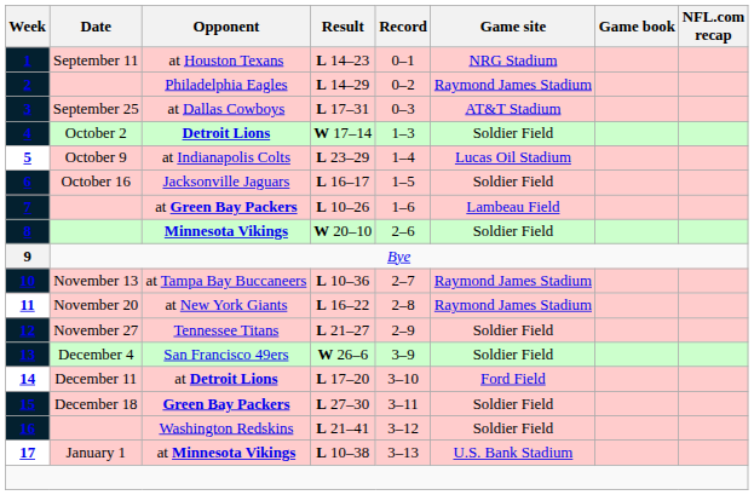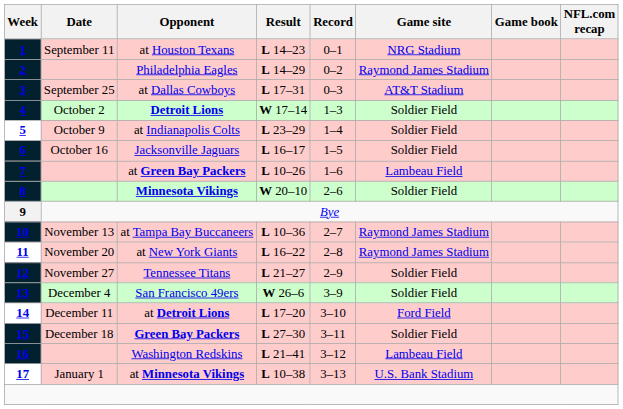 <table class="wikitable" style="text-align:center">
 <tr>
 <th>Week</th>
 <th>Date</th>
 <th>Opponent</th>
 <th>Result</th>
 <th>Record</th>
 <th>Game site</th>
 <th>Game book</th>
 <th>NFL.com<br>recap</th>
 </tr>
 <tr style="background:#fcc">
 <th style="background:#03202F; color:white;"><a href='#'><span>1</span></a></th>
 <td>September 11</td>
 <td>at <a href='#'>Houston Texans</a></td>
 <td><strong>L</strong> 14–23</td>
 <td>0–1</td>
 <td><a href='#'>NRG Stadium</a></td>
 <td> </td>
 <td></td>
 </tr>
 <tr style="background:#fcc">
 <th style="background:#03202F; color:white;"><a href='#'><span>2</span></a></th>
 <td></td>
 <td><a href='#'>Philadelphia Eagles</a></td>
 <td><strong>L</strong> 14–29</td>
 <td>0–2</td>
 <td><a href='#'>Raymond James Stadium</a></td>
 <td> </td>
 <td></td>
 </tr>
 <tr style="background:#fcc">
 <th style="background:#03202F; color:white;"><a href='#'><span>3</span></a></th>
 <td>September 25</td>
 <td>at <a href='#'>Dallas Cowboys</a></td>
 <td><strong>L</strong> 17–31</td>
 <td>0–3</td>
 <td><a href='#'>AT&T Stadium</a></td>
 <td> </td>
 <td></td>
 </tr>
 <tr style="background:#cfc">
 <th style="background:#03202F; color:#df6108;"><a href='#'><span>4</span></a></th>
 <td>October 2</td>
 <td><strong><a href='#'>Detroit Lions</a></strong></td>
 <td><strong>W</strong> 17–14</td>
 <td>1–3</td>
 <td>Soldier Field</td>
 <td> </td>
 <td></td>
 </tr>
 <tr style="background:#fcc">
 <th style="background:white; color:#03202F;"><a href='#'><span>5</span></a></th>
 <td>October 9</td>
 <td>at <a href='#'>Indianapolis Colts</a></td>
 <td><strong>L</strong> 23–29</td>
 <td>1–4</td>
-<td><a href='#'>Lucas Oil Stadium</a></td>
+<td>Soldier Field</td>
 <td></td>
 <td></td>
 </tr>
 <tr style="background:#fcc">
 <th style="background:#03202F; color:white;"><a href='#'><span>6</span></a></th>
 <td>October 16</td>
 <td><a href='#'>Jacksonville Jaguars</a></td>
 <td><strong>L</strong> 16–17</td>
 <td>1–5</td>
 <td>Soldier Field</td>
 <td></td>
 <td></td>
 </tr>
 <tr style="background:#fcc">
 <th style="background:#03202F; color:white;"><a href='#'><span>7</span></a></th>
 <td></td>
 <td>at <strong><a href='#'>Green Bay Packers</a></strong></td>
 <td><strong>L</strong> 10–26</td>
 <td>1–6</td>
 <td><a href='#'>Lambeau Field</a></td>
 <td> </td>
 <td></td>
 </tr>
 <tr style="background:#cfc">
 <th style="background:#03202F; color:#df6108;"><a href='#'><span>8</span></a></th>
 <td></td>
 <td><strong><a href='#'>Minnesota Vikings</a></strong></td>
 <td><strong>W</strong> 20–10</td>
 <td>2–6</td>
 <td>Soldier Field</td>
 <td></td>
 <td></td>
 </tr>
 <tr>
 <th>9</th>
 <td colspan=7><em><a href='#'>Bye</a></em></td>
 </tr>
 <tr style="background:#fcc">
 <th style="background:#03202F; color:white;"><a href='#'><span>10</span></a></th>
 <td>November 13</td>
 <td>at <a href='#'>Tampa Bay Buccaneers</a></td>
 <td><strong>L</strong> 10–36</td>
 <td>2–7</td>
 <td><a href='#'>Raymond James Stadium</a></td>
 <td></td>
 <td></td>
 </tr>
 <tr style="background:#fcc">
 <th style="background:white; color:#03202F;"><a href='#'><span>11</span></a></th>
 <td>November 20</td>
 <td>at <a href='#'>New York Giants</a></td>
 <td><strong>L</strong> 16–22</td>
 <td>2–8</td>
 <td><a href='#'>Raymond James Stadium</a></td>
 <td> </td>
 <td></td>
 </tr>
 <tr style="background:#fcc">
 <th style="background:#03202F; color:white;"><a href='#'><span>12</span></a></th>
 <td>November 27</td>
 <td><a href='#'>Tennessee Titans</a></td>
 <td><strong>L</strong> 21–27</td>
 <td>2–9</td>
 <td>Soldier Field</td>
 <td></td>
 <td></td>
 </tr>
 <tr style="background:#cfc">
 <th style="background:#03202F; color:white;"><a href='#'><span>13</span></a></th>
 <td>December 4</td>
 <td><a href='#'>San Francisco 49ers</a></td>
 <td><strong>W</strong> 26–6</td>
 <td>3–9</td>
 <td>Soldier Field</td>
 <td> </td>
 <td></td>
 </tr>
 <tr style="background:#fcc">
 <th style="background:white; color:#03202F;"><a href='#'><span>14</span></a></th>
 <td>December 11</td>
 <td>at <strong><a href='#'>Detroit Lions</a></strong></td>
 <td><strong>L</strong> 17–20</td>
 <td>3–10</td>
 <td><a href='#'>Ford Field</a></td>
 <td> </td>
 <td></td>
 </tr>
 <tr style="background:#fcc">
 <th style="background:#03202F; color:white;"><a href='#'><span>15</span></a></th>
 <td>December 18</td>
 <td><strong><a href='#'>Green Bay Packers</a></strong></td>
 <td><strong>L</strong> 27–30</td>
 <td>3–11</td>
 <td>Soldier Field</td>
 <td> </td>
 <td></td>
 </tr>
 <tr style="background:#fcc">
 <th style="background:#03202F; color:white;"><a href='#'><span>16</span></a></th>
 <td></td>
 <td><a href='#'>Washington Redskins</a></td>
 <td><strong>L</strong> 21–41</td>
 <td>3–12</td>
-<td>Soldier Field</td>
+<td><a href='#'>Lambeau Field</a></td>
 <td> </td>
 <td></td>
 </tr>
 <tr style="background:#fcc">
 <th style="background:white; color:#03202F;"><a href='#'><span>17</span></a></th>
 <td>January 1</td>
 <td>at <strong><a href='#'>Minnesota Vikings</a></strong></td>
 <td><strong>L</strong> 10–38</td>
 <td>3–13</td>
 <td><a href='#'>U.S. Bank Stadium</a></td>
 <td> </td>
 <td></td>
 </tr>
 <tr>
 <td colspan=8><br></td>
 </tr>
 </table>
